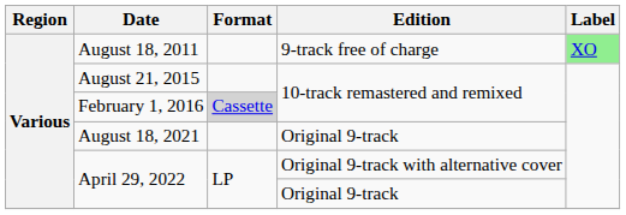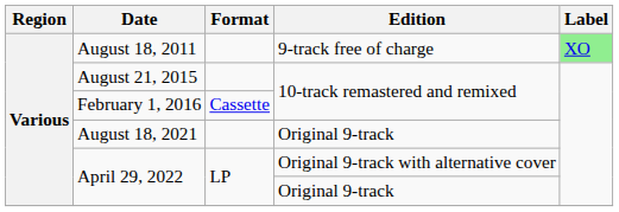 <table class="wikitable plainrowheaders">
 <tr>
 <th scope="col">Region</th>
 <th scope="col">Date</th>
 <th scope="col">Format</th>
 <th scope="col">Edition</th>
 <th scope="col">Label</th>
 </tr>
 <tr>
 <th scope="row" rowspan="6">Various</th>
 <td rowspan="1">August 18, 2011</td>
 <td rowspan="1"></td>
 <td>9-track free of charge</td>
 <td rowspan="1" style="background: lightgreen;"><a href='#'>XO</a></td>
 </tr>
 <tr>
 <td rowspan="1">August 21, 2015</td>
 <td rowspan="1"></td>
 <td rowspan="2">10-track remastered and remixed</td>
 <td rowspan="5"></td>
 </tr>
 <tr>
 <td rowspan="1">February 1, 2016</td>
-<td rowspan="1" style="background: lightgrey;"><a href='#'>Cassette</a></td>
+<td rowspan="1"><a href='#'>Cassette</a></td>
 </tr>
 <tr>
 <td rowspan="1">August 18, 2021</td>
 <td rowspan="1"></td>
 <td>Original 9-track</td>
 </tr>
 <tr>
 <td rowspan="2">April 29, 2022</td>
 <td rowspan="2">LP</td>
 <td>Original 9-track with alternative cover</td>
 </tr>
 <tr>
 <td>Original 9-track</td>
 </tr>
 <tr>
 </tr>
 </table>
